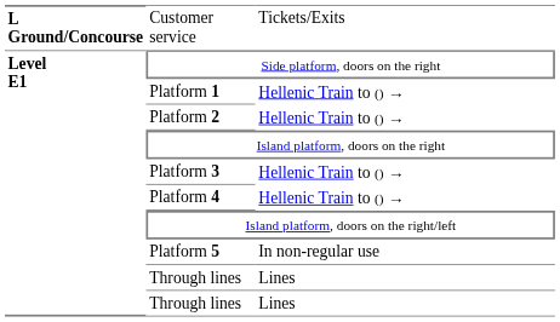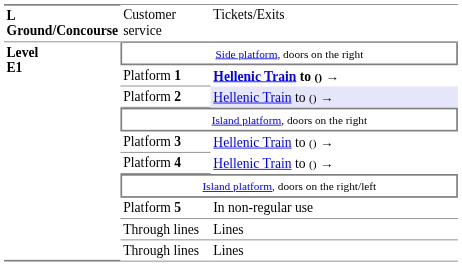 <table table border=0 cellspacing=0 cellpadding=3>
 <tr>
 <td style="border-bottom:solid 1px gray;border-top:solid 2px gray;" width=50 valign=top><strong>L<br>Ground/Concourse</strong></td>
 <td style="border-top:solid 1px gray;border-bottom:solid 1px gray;" width=100 valign=top>Customer service</td>
 <td style="border-top:solid 1px gray;border-bottom:solid 1px gray;" width=285 valign=top>Tickets/Exits</td>
 </tr>
 <tr>
 <td style="border-bottom:solid 2px gray;" rowspan=12 valign=top><strong>Level<br>Ε1</strong></td>
 <td style="border-top:solid 1px gray;border-right:solid 2px gray;border-left:solid 2px gray;border-bottom:solid 2px gray;text-align:center;" colspan=2><small><a href='#'>Side platform</a>, doors on the right</small></td>
 </tr>
 <tr>
 <td style="border-bottom:solid 1px gray;">Platform <strong>1</strong></td>
-<td><a href='#'>Hellenic Train</a> to  <small>()</small> →</td>
+<td><strong><a href='#'>Hellenic Train</a> to  <small>()</small> →</strong></td>
 </tr>
 <tr>
 <td style="border-bottom:solid 1px gray;">Platform <strong>2</strong></td>
-<td><a href='#'>Hellenic Train</a> to  <small>()</small> →</td>
+<td style="background: lavender;"><a href='#'>Hellenic Train</a> to  <small>()</small> →</td>
 </tr>
 <tr>
 <td style="border-top:solid 2px gray;border-right:solid 2px gray;border-left:solid 2px gray;border-bottom:solid 2px gray;text-align:center;" colspan=2><small><a href='#'>Island platform</a>, doors on the right</small></td>
 </tr>
 <tr>
 <td style="border-bottom:solid 1px gray;">Platform <strong>3</strong></td>
 <td><a href='#'>Hellenic Train</a> to  <small>()</small> →</td>
 </tr>
 <tr>
 <td style="border-bottom:solid 1px gray;">Platform <strong>4</strong></td>
 <td><a href='#'>Hellenic Train</a> to  <small>()</small> →</td>
 </tr>
 <tr>
 <td style="border-top:solid 2px gray;border-right:solid 2px gray;border-left:solid 2px gray;border-bottom:solid 2px gray;text-align:center;" colspan=2><small><a href='#'>Island platform</a>, doors on the right/left</small></td>
 </tr>
 <tr>
 <td style="border-bottom:solid 1px gray;">Platform <strong>5</strong></td>
 <td style="border-bottom:solid 1px gray;">In non-regular use</td>
 </tr>
 <tr>
 <td style="border-bottom:solid 1px gray;">Through lines</td>
 <td style="border-bottom:solid 1px gray;"> Lines</td>
 </tr>
 <tr>
 <td style="border-bottom:solid 1px gray;">Through lines</td>
 <td style="border-bottom:solid 1px gray;"> Lines</td>
 </tr>
 </table>
